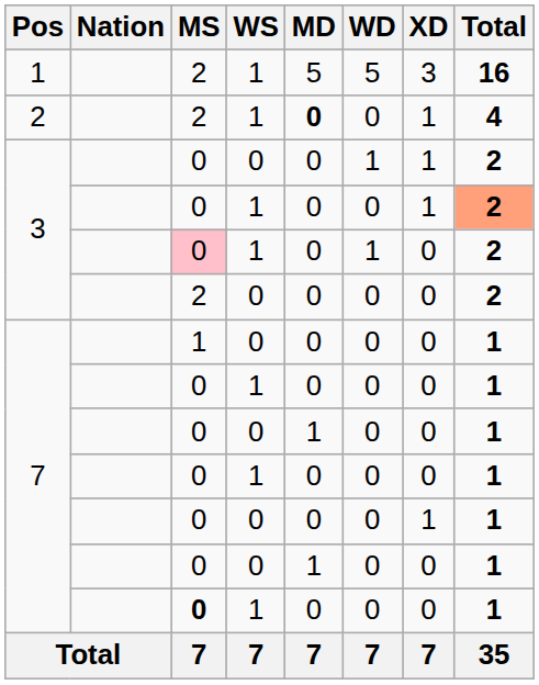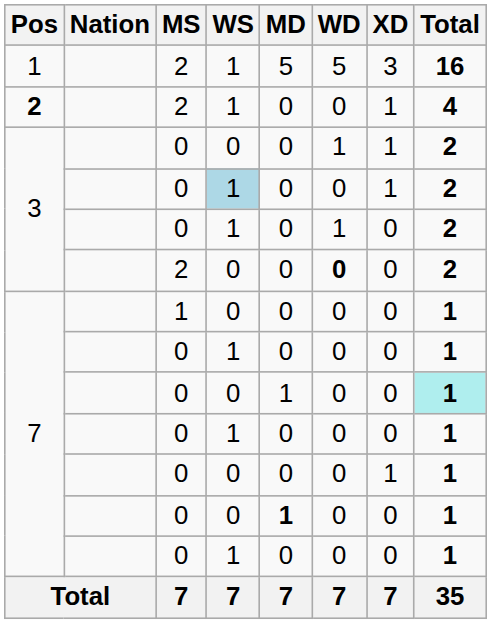 <table class="wikitable" style="text-align:center">
 <tr>
 <th>Pos</th>
 <th>Nation</th>
 <th>MS</th>
 <th>WS</th>
 <th>MD</th>
 <th>WD</th>
 <th>XD</th>
 <th>Total</th>
 </tr>
 <tr>
 <td>1</td>
 <td align=left></td>
 <td>2</td>
 <td>1</td>
 <td>5</td>
 <td>5</td>
 <td>3</td>
 <td><strong>16</strong></td>
 </tr>
 <tr>
-<td>2</td>
+<td><strong>2</strong></td>
 <td align=left></td>
 <td>2</td>
 <td>1</td>
-<td><strong>0</strong></td>
+<td>0</td>
 <td>0</td>
 <td>1</td>
 <td><strong>4</strong></td>
 </tr>
 <tr>
 <td rowspan=4>3</td>
 <td align=left><strong></strong></td>
 <td>0</td>
 <td>0</td>
 <td>0</td>
 <td>1</td>
 <td>1</td>
 <td><strong>2</strong></td>
 </tr>
 <tr>
 <td align=left></td>
 <td>0</td>
-<td>1</td>
+<td style="background: lightblue;">1</td>
 <td>0</td>
 <td>0</td>
 <td>1</td>
-<td style="background: lightsalmon;"><strong>2</strong></td>
+<td><strong>2</strong></td>
 </tr>
 <tr>
 <td align=left></td>
-<td style="background: pink;">0</td>
+<td>0</td>
 <td>1</td>
 <td>0</td>
 <td>1</td>
 <td>0</td>
 <td><strong>2</strong></td>
 </tr>
 <tr>
 <td align=left></td>
 <td>2</td>
 <td>0</td>
 <td>0</td>
-<td>0</td>
+<td><strong>0</strong></td>
 <td>0</td>
 <td><strong>2</strong></td>
 </tr>
 <tr>
 <td rowspan=7>7</td>
 <td align=left></td>
 <td>1</td>
 <td>0</td>
 <td>0</td>
 <td>0</td>
 <td>0</td>
 <td><strong>1</strong></td>
 </tr>
 <tr>
 <td align=left></td>
 <td>0</td>
 <td>1</td>
 <td>0</td>
 <td>0</td>
 <td>0</td>
 <td><strong>1</strong></td>
 </tr>
 <tr>
 <td align=left></td>
 <td>0</td>
 <td>0</td>
 <td>1</td>
 <td>0</td>
 <td>0</td>
-<td><strong>1</strong></td>
+<td style="background: paleturquoise;"><strong>1</strong></td>
 </tr>
 <tr>
 <td align=left></td>
 <td>0</td>
 <td>1</td>
 <td>0</td>
 <td>0</td>
 <td>0</td>
 <td><strong>1</strong></td>
 </tr>
 <tr>
 <td align=left></td>
 <td>0</td>
 <td>0</td>
 <td>0</td>
 <td>0</td>
 <td>1</td>
 <td><strong>1</strong></td>
 </tr>
 <tr>
 <td align=left></td>
 <td>0</td>
 <td>0</td>
-<td>1</td>
+<td><strong>1</strong></td>
 <td>0</td>
 <td>0</td>
 <td><strong>1</strong></td>
 </tr>
 <tr>
 <td align=left></td>
-<td><strong>0</strong></td>
+<td>0</td>
 <td>1</td>
 <td>0</td>
 <td>0</td>
 <td>0</td>
 <td><strong>1</strong></td>
 </tr>
 <tr>
 <th colspan="2">Total</th>
 <th>7</th>
 <th>7</th>
 <th>7</th>
 <th>7</th>
 <th>7</th>
 <th>35</th>
 </tr>
 </table>
